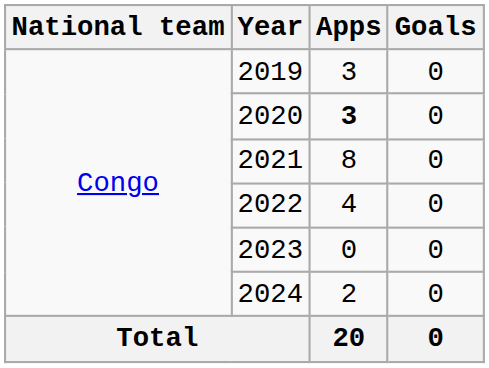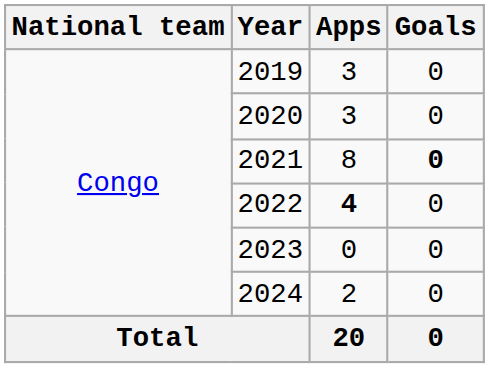 <table class=wikitable style=text-align:center>
 <tr>
 <th>National team</th>
 <th>Year</th>
 <th>Apps</th>
 <th>Goals</th>
 </tr>
 <tr>
 <td rowspan="6"><a href='#'>Congo</a></td>
 <td>2019</td>
 <td>3</td>
 <td>0</td>
 </tr>
 <tr>
 <td>2020</td>
-<td><strong>3</strong></td>
+<td>3</td>
 <td>0</td>
 </tr>
 <tr>
 <td>2021</td>
 <td>8</td>
-<td>0</td>
+<td><strong>0</strong></td>
 </tr>
 <tr>
 <td>2022</td>
-<td>4</td>
+<td><strong>4</strong></td>
 <td>0</td>
 </tr>
 <tr>
 <td>2023</td>
 <td>0</td>
 <td>0</td>
 </tr>
 <tr>
 <td>2024</td>
 <td>2</td>
 <td>0</td>
 </tr>
 <tr>
 <th colspan="2">Total</th>
 <th>20</th>
 <th>0</th>
 </tr>
 </table>
